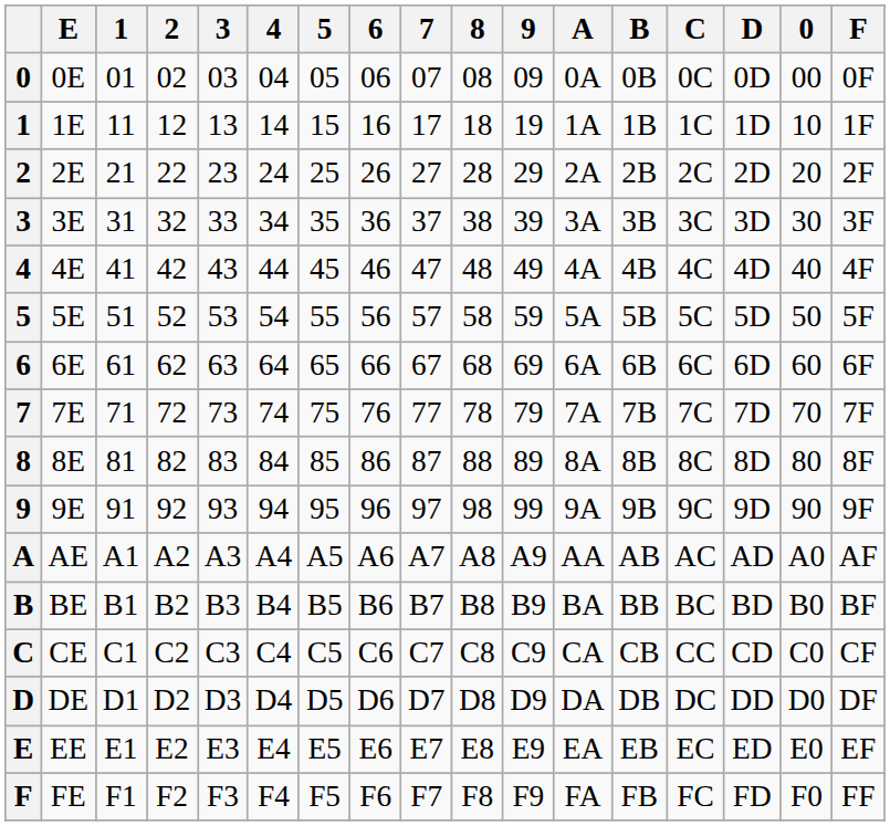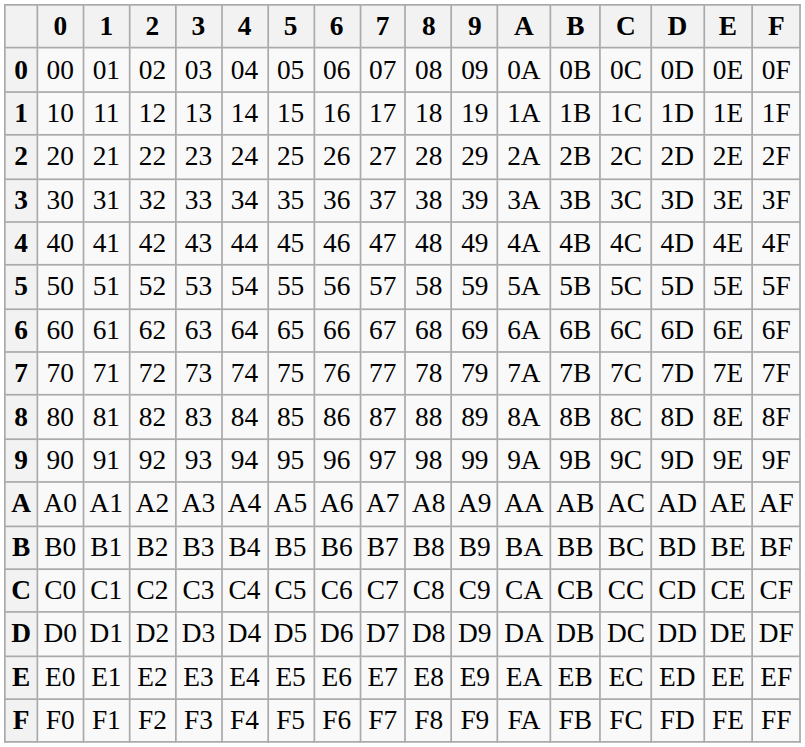 <table class="wikitable" style="text-align: center;">
 <tr>
 <th></th>
-<th>E</th>
+<th scope="column">0</th>
 <th>1</th>
 <th>2</th>
 <th>3</th>
 <th>4</th>
 <th>5</th>
 <th>6</th>
 <th>7</th>
 <th>8</th>
 <th>9</th>
 <th>A</th>
 <th>B</th>
 <th>C</th>
 <th>D</th>
-<th scope="column">0</th>
+<th>E</th>
 <th>F</th>
 </tr>
 <tr>
 <th scope="row">0</th>
-<td>0E</td>
+<td>00</td>
 <td>01</td>
 <td>02</td>
 <td>03</td>
 <td>04</td>
 <td>05</td>
 <td>06</td>
 <td>07</td>
 <td>08</td>
 <td>09</td>
 <td>0A</td>
 <td>0B</td>
 <td>0C</td>
 <td>0D</td>
-<td>00</td>
+<td>0E</td>
 <td>0F</td>
 </tr>
 <tr>
 <th scope="row">1</th>
-<td>1E</td>
+<td>10</td>
 <td>11</td>
 <td>12</td>
 <td>13</td>
 <td>14</td>
 <td>15</td>
 <td>16</td>
 <td>17</td>
 <td>18</td>
 <td>19</td>
 <td>1A</td>
 <td>1B</td>
 <td>1C</td>
 <td>1D</td>
-<td>10</td>
+<td>1E</td>
 <td>1F</td>
 </tr>
 <tr>
 <th scope="row">2</th>
-<td>2E</td>
+<td>20</td>
 <td>21</td>
 <td>22</td>
 <td>23</td>
 <td>24</td>
 <td>25</td>
 <td>26</td>
 <td>27</td>
 <td>28</td>
 <td>29</td>
 <td>2A</td>
 <td>2B</td>
 <td>2C</td>
 <td>2D</td>
-<td>20</td>
+<td>2E</td>
 <td>2F</td>
 </tr>
 <tr>
 <th scope="row">3</th>
-<td>3E</td>
+<td>30</td>
 <td>31</td>
 <td>32</td>
 <td>33</td>
 <td>34</td>
 <td>35</td>
 <td>36</td>
 <td>37</td>
 <td>38</td>
 <td>39</td>
 <td>3A</td>
 <td>3B</td>
 <td>3C</td>
 <td>3D</td>
-<td>30</td>
+<td>3E</td>
 <td>3F</td>
 </tr>
 <tr>
 <th scope="row">4</th>
-<td>4E</td>
+<td>40</td>
 <td>41</td>
 <td>42</td>
 <td>43</td>
 <td>44</td>
 <td>45</td>
 <td>46</td>
 <td>47</td>
 <td>48</td>
 <td>49</td>
 <td>4A</td>
 <td>4B</td>
 <td>4C</td>
 <td>4D</td>
-<td>40</td>
+<td>4E</td>
 <td>4F</td>
 </tr>
 <tr>
 <th scope="row">5</th>
-<td>5E</td>
+<td>50</td>
 <td>51</td>
 <td>52</td>
 <td>53</td>
 <td>54</td>
 <td>55</td>
 <td>56</td>
 <td>57</td>
 <td>58</td>
 <td>59</td>
 <td>5A</td>
 <td>5B</td>
 <td>5C</td>
 <td>5D</td>
-<td>50</td>
+<td>5E</td>
 <td>5F</td>
 </tr>
 <tr>
 <th scope="row">6</th>
-<td>6E</td>
+<td>60</td>
 <td>61</td>
 <td>62</td>
 <td>63</td>
 <td>64</td>
 <td>65</td>
 <td>66</td>
 <td>67</td>
 <td>68</td>
 <td>69</td>
 <td>6A</td>
 <td>6B</td>
 <td>6C</td>
 <td>6D</td>
-<td>60</td>
+<td>6E</td>
 <td>6F</td>
 </tr>
 <tr>
 <th scope="row">7</th>
-<td>7E</td>
+<td>70</td>
 <td>71</td>
 <td>72</td>
 <td>73</td>
 <td>74</td>
 <td>75</td>
 <td>76</td>
 <td>77</td>
 <td>78</td>
 <td>79</td>
 <td>7A</td>
 <td>7B</td>
 <td>7C</td>
 <td>7D</td>
-<td>70</td>
+<td>7E</td>
 <td>7F</td>
 </tr>
 <tr>
 <th scope="row">8</th>
-<td>8E</td>
+<td>80</td>
 <td>81</td>
 <td>82</td>
 <td>83</td>
 <td>84</td>
 <td>85</td>
 <td>86</td>
 <td>87</td>
 <td>88</td>
 <td>89</td>
 <td>8A</td>
 <td>8B</td>
 <td>8C</td>
 <td>8D</td>
-<td>80</td>
+<td>8E</td>
 <td>8F</td>
 </tr>
 <tr>
 <th scope="row">9</th>
-<td>9E</td>
+<td>90</td>
 <td>91</td>
 <td>92</td>
 <td>93</td>
 <td>94</td>
 <td>95</td>
 <td>96</td>
 <td>97</td>
 <td>98</td>
 <td>99</td>
 <td>9A</td>
 <td>9B</td>
 <td>9C</td>
 <td>9D</td>
-<td>90</td>
+<td>9E</td>
 <td>9F</td>
 </tr>
 <tr>
 <th scope="row">A</th>
-<td>AE</td>
+<td>A0</td>
 <td>A1</td>
 <td>A2</td>
 <td>A3</td>
 <td>A4</td>
 <td>A5</td>
 <td>A6</td>
 <td>A7</td>
 <td>A8</td>
 <td>A9</td>
 <td>AA</td>
 <td>AB</td>
 <td>AC</td>
 <td>AD</td>
-<td>A0</td>
+<td>AE</td>
 <td>AF</td>
 </tr>
 <tr>
 <th scope="row">B</th>
-<td>BE</td>
+<td>B0</td>
 <td>B1</td>
 <td>B2</td>
 <td>B3</td>
 <td>B4</td>
 <td>B5</td>
 <td>B6</td>
 <td>B7</td>
 <td>B8</td>
 <td>B9</td>
 <td>BA</td>
 <td>BB</td>
 <td>BC</td>
 <td>BD</td>
-<td>B0</td>
+<td>BE</td>
 <td>BF</td>
 </tr>
 <tr>
 <th scope="row">C</th>
-<td>CE</td>
+<td>C0</td>
 <td>C1</td>
 <td>C2</td>
 <td>C3</td>
 <td>C4</td>
 <td>C5</td>
 <td>C6</td>
 <td>C7</td>
 <td>C8</td>
 <td>C9</td>
 <td>CA</td>
 <td>CB</td>
 <td>CC</td>
 <td>CD</td>
-<td>C0</td>
+<td>CE</td>
 <td>CF</td>
 </tr>
 <tr>
 <th scope="row">D</th>
-<td>DE</td>
+<td>D0</td>
 <td>D1</td>
 <td>D2</td>
 <td>D3</td>
 <td>D4</td>
 <td>D5</td>
 <td>D6</td>
 <td>D7</td>
 <td>D8</td>
 <td>D9</td>
 <td>DA</td>
 <td>DB</td>
 <td>DC</td>
 <td>DD</td>
-<td>D0</td>
+<td>DE</td>
 <td>DF</td>
 </tr>
 <tr>
 <th scope="row">E</th>
-<td>EE</td>
+<td>E0</td>
 <td>E1</td>
 <td>E2</td>
 <td>E3</td>
 <td>E4</td>
 <td>E5</td>
 <td>E6</td>
 <td>E7</td>
 <td>E8</td>
 <td>E9</td>
 <td>EA</td>
 <td>EB</td>
 <td>EC</td>
 <td>ED</td>
-<td>E0</td>
+<td>EE</td>
 <td>EF</td>
 </tr>
 <tr>
 <th scope="row">F</th>
-<td>FE</td>
+<td>F0</td>
 <td>F1</td>
 <td>F2</td>
 <td>F3</td>
 <td>F4</td>
 <td>F5</td>
 <td>F6</td>
 <td>F7</td>
 <td>F8</td>
 <td>F9</td>
 <td>FA</td>
 <td>FB</td>
 <td>FC</td>
 <td>FD</td>
-<td>F0</td>
+<td>FE</td>
 <td>FF</td>
 </tr>
 </table>
